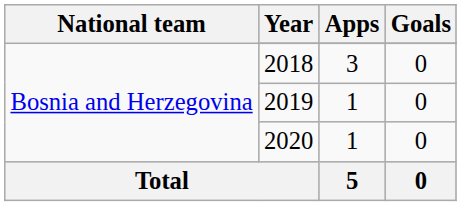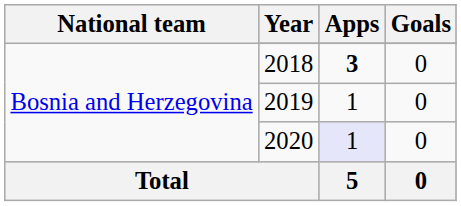 <table class="wikitable" style="text-align:center">
 <tr>
 <th>National team</th>
 <th>Year</th>
 <th>Apps</th>
 <th>Goals</th>
 </tr>
 <tr>
 <td rowspan=4><a href='#'>Bosnia and Herzegovina</a></td>
 </tr>
 <tr>
 <td>2018</td>
-<td>3</td>
+<td><strong>3</strong></td>
 <td>0</td>
 </tr>
 <tr>
 <td>2019</td>
 <td>1</td>
 <td>0</td>
 </tr>
 <tr>
 <td>2020</td>
-<td>1</td>
+<td style="background: lavender;">1</td>
 <td>0</td>
 </tr>
 <tr>
 <th colspan=2>Total</th>
 <th>5</th>
 <th>0</th>
 </tr>
 </table>
